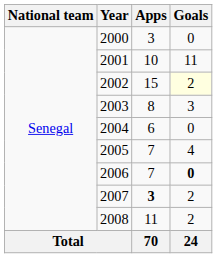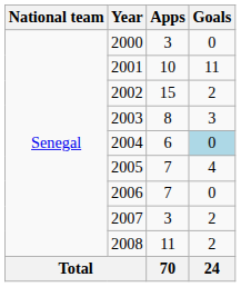 <table class="wikitable" style="text-align:center">
 <tr>
 <th>National team</th>
 <th>Year</th>
 <th>Apps</th>
 <th>Goals</th>
 </tr>
 <tr>
 <td rowspan="9"><a href='#'>Senegal</a></td>
 <td>2000</td>
 <td>3</td>
 <td>0</td>
 </tr>
 <tr>
 <td>2001</td>
 <td>10</td>
 <td>11</td>
 </tr>
 <tr>
 <td>2002</td>
 <td>15</td>
-<td style="background: lightyellow;">2</td>
+<td>2</td>
 </tr>
 <tr>
 <td>2003</td>
 <td>8</td>
 <td>3</td>
 </tr>
 <tr>
 <td>2004</td>
 <td>6</td>
-<td>0</td>
+<td style="background: lightblue;">0</td>
 </tr>
 <tr>
 <td>2005</td>
 <td>7</td>
 <td>4</td>
 </tr>
 <tr>
 <td>2006</td>
 <td>7</td>
-<td><strong>0</strong></td>
+<td>0</td>
 </tr>
 <tr>
 <td>2007</td>
-<td><strong>3</strong></td>
+<td>3</td>
 <td>2</td>
 </tr>
 <tr>
 <td>2008</td>
 <td>11</td>
 <td>2</td>
 </tr>
 <tr>
 <th colspan="2">Total</th>
 <th>70</th>
 <th>24</th>
 </tr>
 </table>
